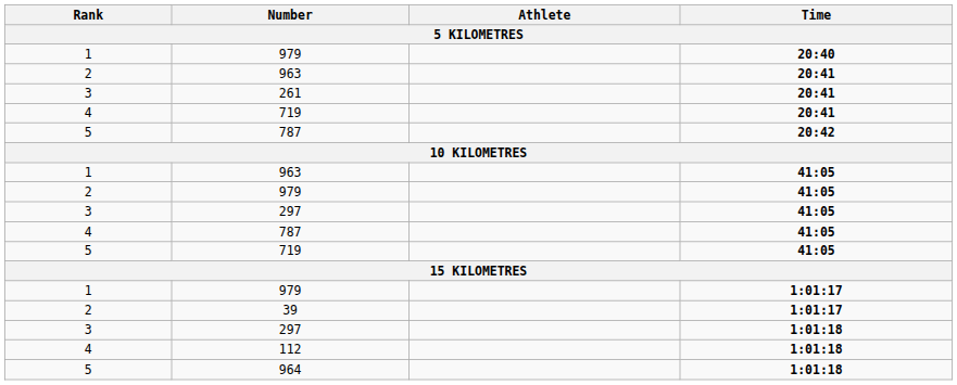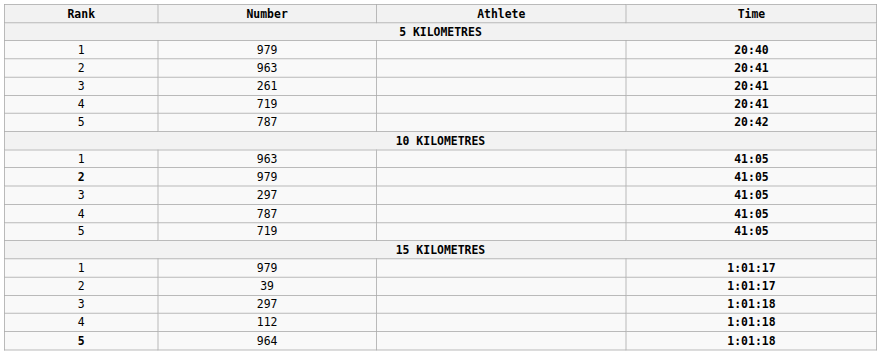 <table class="wikitable" style=" text-align:center; font-size:110%;" width="55%">
 <tr>
 <th>Rank</th>
 <th>Number</th>
 <th>Athlete</th>
 <th>Time</th>
 </tr>
 <tr>
 <th colspan="4">5 KILOMETRES</th>
 </tr>
 <tr>
 <td>1</td>
 <td>979</td>
 <td align=left></td>
 <td><strong>20:40</strong></td>
 </tr>
 <tr>
 <td>2</td>
 <td>963</td>
 <td align=left></td>
 <td><strong>20:41  </strong></td>
 </tr>
 <tr>
 <td>3</td>
 <td>261</td>
 <td align=left></td>
 <td><strong>20:41  </strong></td>
 </tr>
 <tr>
 <td>4</td>
 <td>719</td>
 <td align=left></td>
 <td><strong>20:41  </strong></td>
 </tr>
 <tr>
 <td>5</td>
 <td>787</td>
 <td align=left></td>
 <td><strong>20:42  </strong></td>
 </tr>
 <tr>
 <th colspan="4">10 KILOMETRES</th>
 </tr>
 <tr>
 <td>1</td>
 <td>963</td>
 <td align=left></td>
 <td><strong>41:05</strong></td>
 </tr>
 <tr>
-<td>2</td>
+<td><strong>2</strong></td>
 <td>979</td>
 <td align=left></td>
 <td><strong>41:05</strong></td>
 </tr>
 <tr>
 <td>3</td>
 <td>297</td>
 <td align=left></td>
 <td><strong>41:05</strong></td>
 </tr>
 <tr>
 <td>4</td>
 <td>787</td>
 <td align=left></td>
 <td><strong>41:05</strong></td>
 </tr>
 <tr>
 <td>5</td>
 <td>719</td>
 <td align=left></td>
 <td><strong>41:05</strong></td>
 </tr>
 <tr>
 <th colspan="4">15 KILOMETRES</th>
 </tr>
 <tr>
 <td>1</td>
 <td>979</td>
 <td align=left></td>
 <td><strong>1:01:17</strong></td>
 </tr>
 <tr>
 <td>2</td>
 <td>39</td>
 <td align=left></td>
 <td><strong>1:01:17</strong></td>
 </tr>
 <tr>
 <td>3</td>
 <td>297</td>
 <td align=left></td>
 <td><strong>1:01:18 </strong></td>
 </tr>
 <tr>
 <td>4</td>
 <td>112</td>
 <td align=left></td>
 <td><strong>1:01:18</strong></td>
 </tr>
 <tr>
-<td>5</td>
+<td><strong>5</strong></td>
 <td>964</td>
 <td align=left></td>
 <td><strong>1:01:18</strong></td>
 </tr>
 </table>
